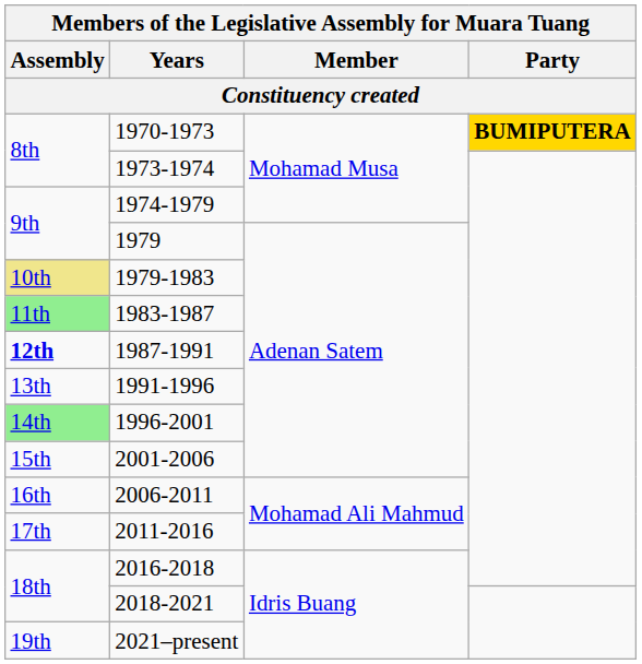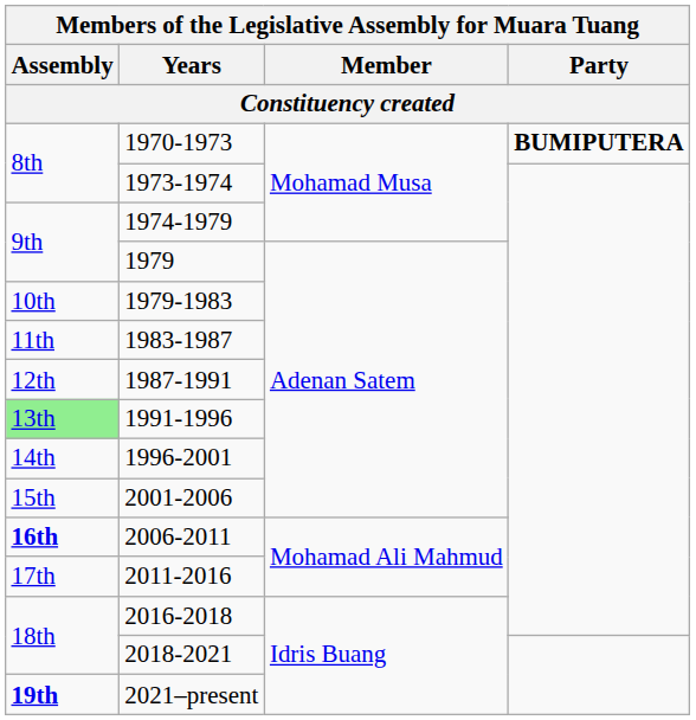 <table class=wikitable>
 <tr>
 <th colspan=5>Members of the Legislative Assembly for Muara Tuang</th>
 </tr>
 <tr>
 <th>Assembly</th>
 <th>Years</th>
 <th>Member</th>
 <th>Party</th>
 </tr>
 <tr>
 <th colspan=4 align=center><em>Constituency created</em></th>
 </tr>
 <tr>
 <td rowspan=2><a href='#'>8th</a></td>
 <td>1970-1973</td>
 <td rowspan=3><a href='#'>Mohamad Musa</a></td>
-<td style="background: gold;"><strong>BUMIPUTERA</strong></td>
+<td><strong>BUMIPUTERA</strong></td>
 </tr>
 <tr>
 <td>1973-1974</td>
 <td rowspan=12></td>
 </tr>
 <tr>
 <td rowspan=2><a href='#'>9th</a></td>
 <td>1974-1979</td>
 </tr>
 <tr>
 <td>1979</td>
 <td rowspan=7><a href='#'>Adenan Satem</a></td>
 </tr>
 <tr>
-<td style="background: khaki;"><a href='#'>10th</a></td>
+<td><a href='#'>10th</a></td>
 <td>1979-1983</td>
 </tr>
 <tr>
-<td style="background: lightgreen;"><a href='#'>11th</a></td>
+<td><a href='#'>11th</a></td>
 <td>1983-1987</td>
 </tr>
 <tr>
-<td><strong><a href='#'>12th</a></strong></td>
+<td><a href='#'>12th</a></td>
 <td>1987-1991</td>
 </tr>
 <tr>
-<td><a href='#'>13th</a></td>
+<td style="background: lightgreen;"><a href='#'>13th</a></td>
 <td>1991-1996</td>
 </tr>
 <tr>
-<td style="background: lightgreen;"><a href='#'>14th</a></td>
+<td><a href='#'>14th</a></td>
 <td>1996-2001</td>
 </tr>
 <tr>
 <td><a href='#'>15th</a></td>
 <td>2001-2006</td>
 </tr>
 <tr>
-<td><a href='#'>16th</a></td>
+<td><strong><a href='#'>16th</a></strong></td>
 <td>2006-2011</td>
 <td rowspan=2><a href='#'>Mohamad Ali Mahmud</a></td>
 </tr>
 <tr>
 <td><a href='#'>17th</a></td>
 <td>2011-2016</td>
 </tr>
 <tr>
 <td rowspan=2><a href='#'>18th</a></td>
 <td>2016-2018</td>
 <td rowspan="3"><a href='#'>Idris Buang</a></td>
 </tr>
 <tr>
 <td>2018-2021</td>
 <td rowspan="2"></td>
 </tr>
 <tr>
-<td><a href='#'>19th</a></td>
+<td><strong><a href='#'>19th</a></strong></td>
 <td>2021–present</td>
 </tr>
 </table>
